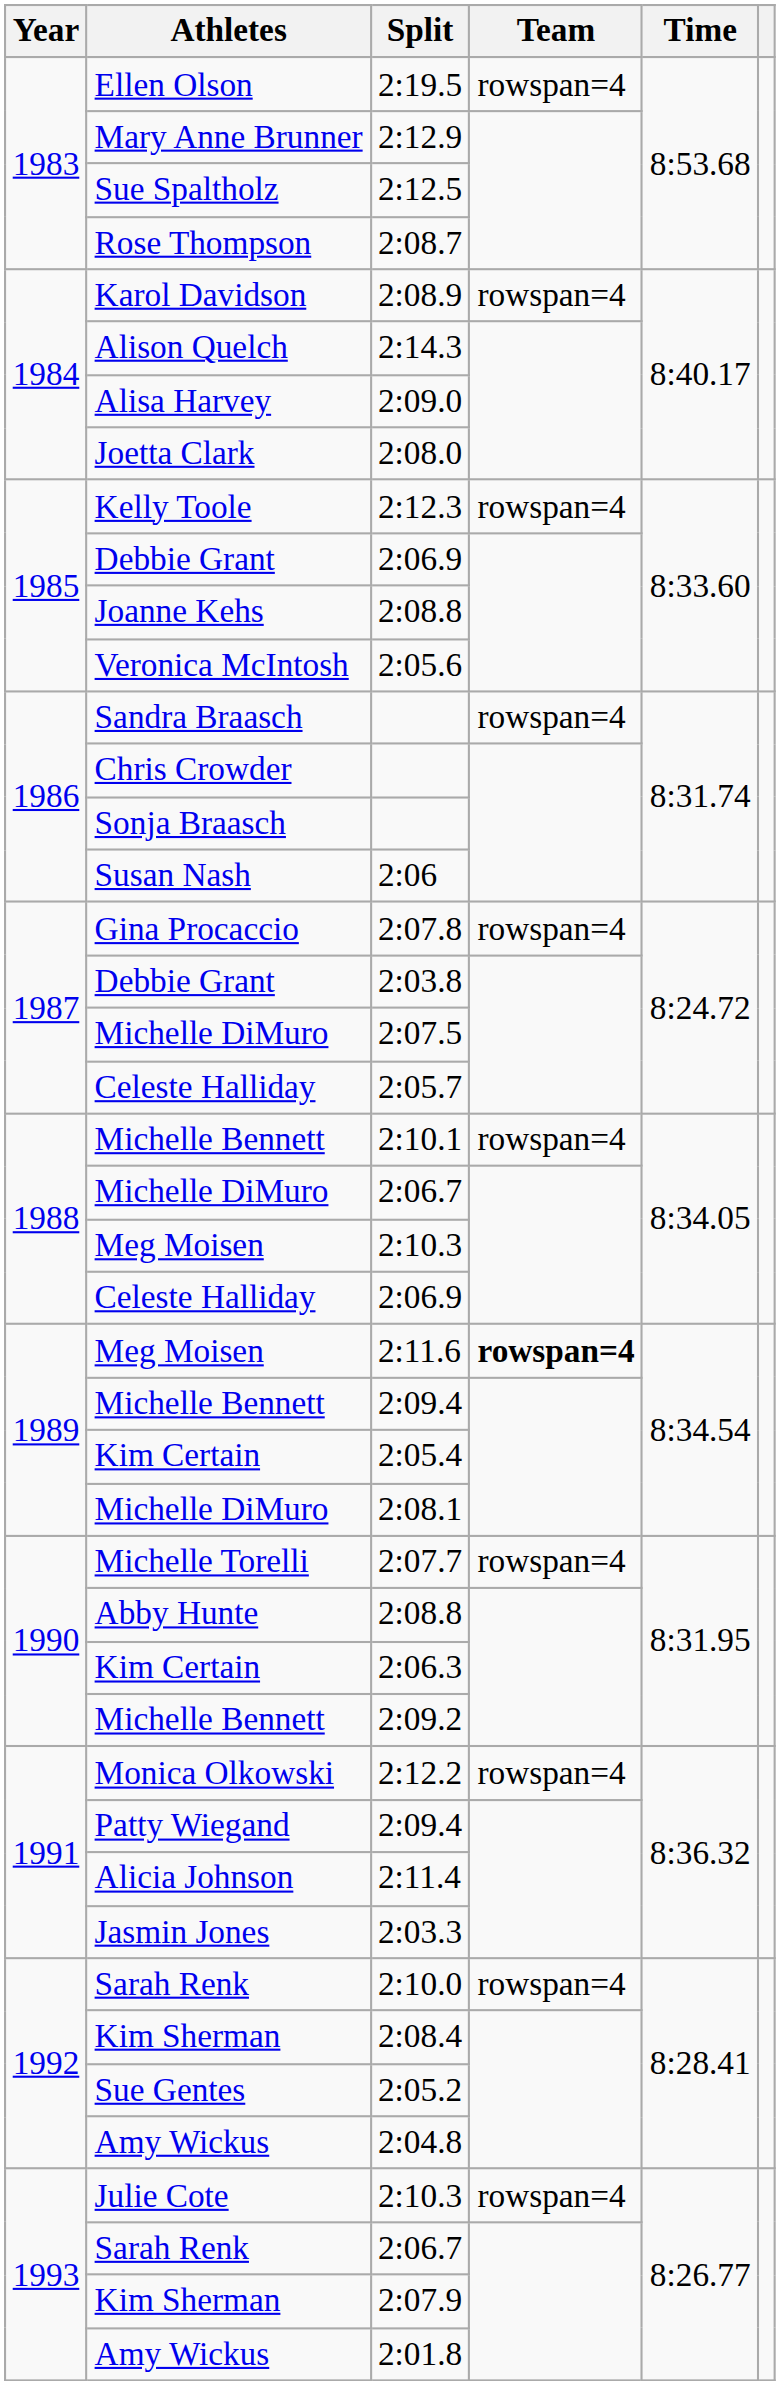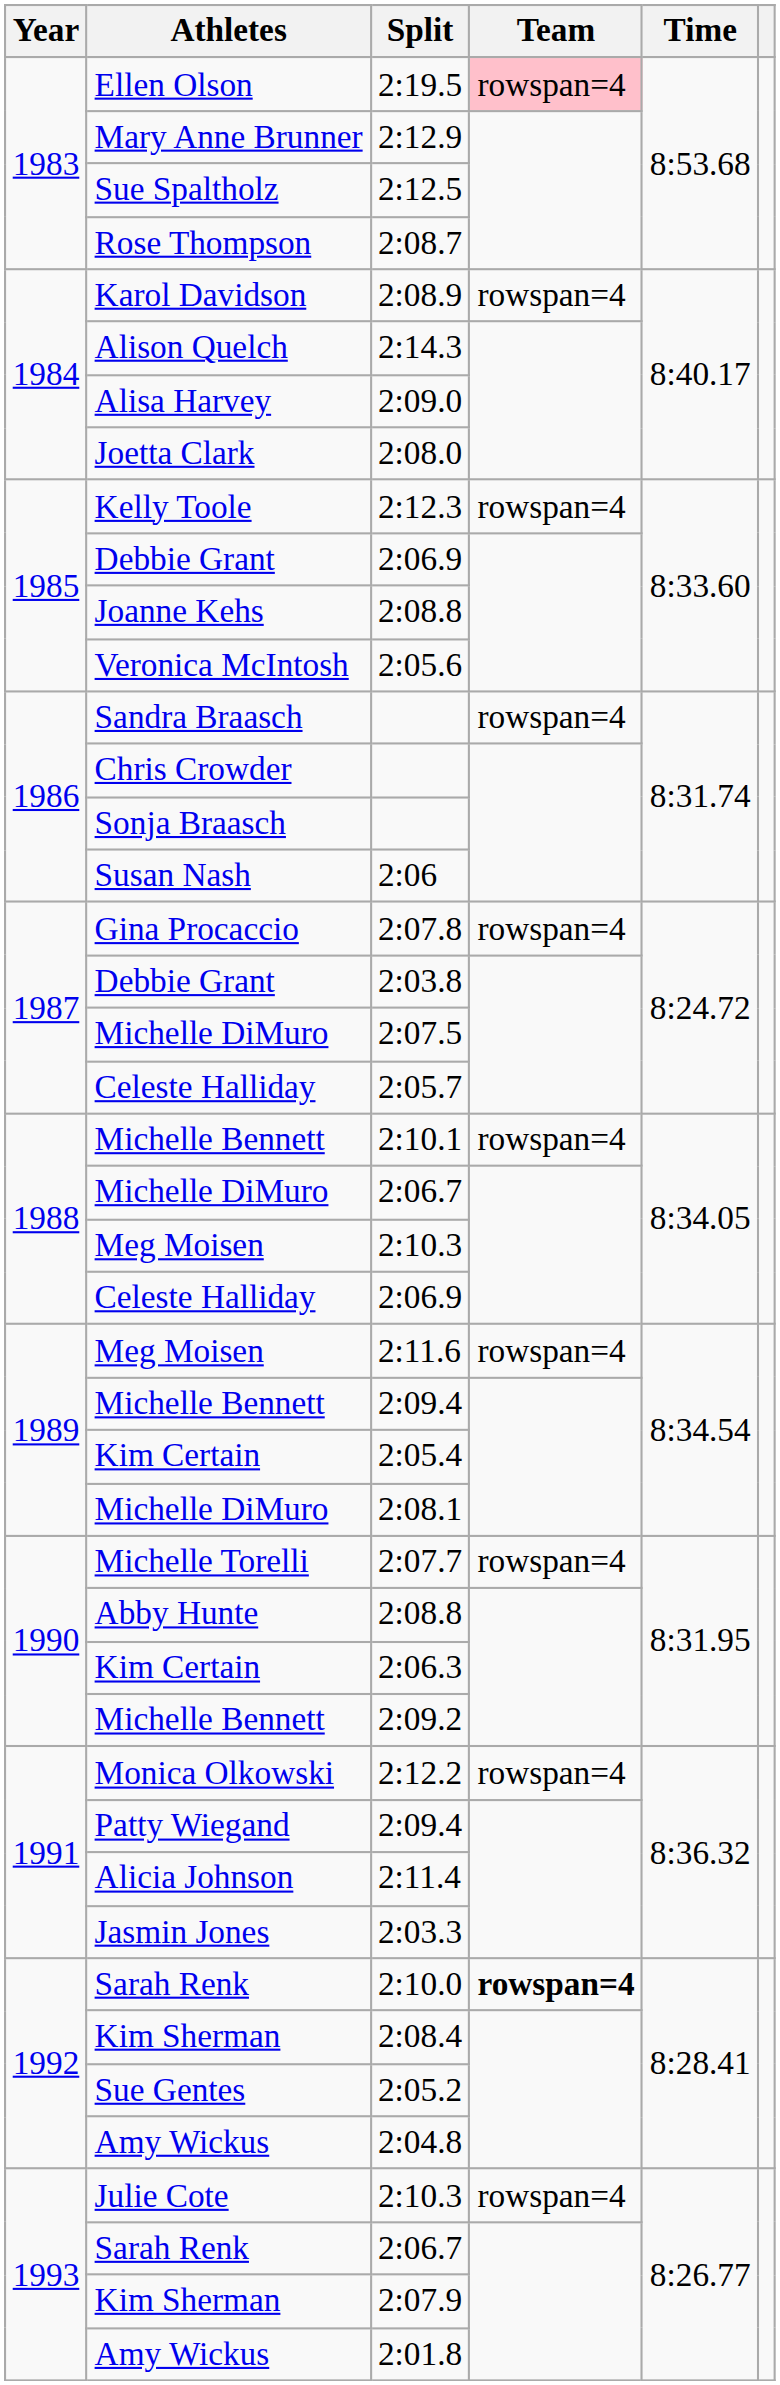 <table class="wikitable sortable">
 <tr>
 <th>Year</th>
 <th>Athletes</th>
 <th>Split</th>
 <th>Team</th>
 <th>Time</th>
 <th class=unsortable></th>
 </tr>
 <tr>
 <td rowspan=4><a href='#'>1983</a></td>
 <td><a href='#'>Ellen Olson</a></td>
 <td>2:19.5 </td>
-<td>rowspan=4 </td>
+<td style="background: pink;">rowspan=4 </td>
 <td rowspan=4>8:53.68 </td>
 <td rowspan=4></td>
 </tr>
 <tr>
 <td><a href='#'>Mary Anne Brunner</a></td>
 <td>2:12.9 </td>
 </tr>
 <tr>
 <td><a href='#'>Sue Spaltholz</a></td>
 <td>2:12.5 </td>
 </tr>
 <tr>
 <td><a href='#'>Rose Thompson</a></td>
 <td>2:08.7 </td>
 </tr>
 <tr>
 <td rowspan=4><a href='#'>1984</a></td>
 <td><a href='#'>Karol Davidson</a></td>
 <td>2:08.9</td>
 <td>rowspan=4 </td>
 <td rowspan=4>8:40.17</td>
 <td rowspan=4></td>
 </tr>
 <tr>
 <td><a href='#'>Alison Quelch</a></td>
 <td>2:14.3</td>
 </tr>
 <tr>
 <td><a href='#'>Alisa Harvey</a></td>
 <td>2:09.0</td>
 </tr>
 <tr>
 <td><a href='#'>Joetta Clark</a></td>
 <td>2:08.0</td>
 </tr>
 <tr>
 <td rowspan=4><a href='#'>1985</a></td>
 <td><a href='#'>Kelly Toole</a></td>
 <td>2:12.3</td>
 <td>rowspan=4 </td>
 <td rowspan=4>8:33.60</td>
 <td rowspan=4></td>
 </tr>
 <tr>
 <td><a href='#'>Debbie Grant</a></td>
 <td>2:06.9</td>
 </tr>
 <tr>
 <td><a href='#'>Joanne Kehs</a></td>
 <td>2:08.8</td>
 </tr>
 <tr>
 <td><a href='#'>Veronica McIntosh</a></td>
 <td>2:05.6</td>
 </tr>
 <tr>
 <td rowspan=4><a href='#'>1986</a></td>
 <td><a href='#'>Sandra Braasch</a></td>
 <td></td>
 <td>rowspan=4 </td>
 <td rowspan=4>8:31.74</td>
 <td rowspan=4></td>
 </tr>
 <tr>
 <td><a href='#'>Chris Crowder</a></td>
 <td></td>
 </tr>
 <tr>
 <td><a href='#'>Sonja Braasch</a></td>
 <td></td>
 </tr>
 <tr>
 <td><a href='#'>Susan Nash</a></td>
 <td>2:06</td>
 </tr>
 <tr>
 <td rowspan=4><a href='#'>1987</a></td>
 <td><a href='#'>Gina Procaccio</a></td>
 <td>2:07.8</td>
 <td>rowspan=4 </td>
 <td rowspan=4>8:24.72</td>
 <td rowspan=4><br></td>
 </tr>
 <tr>
 <td><a href='#'>Debbie Grant</a></td>
 <td>2:03.8</td>
 </tr>
 <tr>
 <td><a href='#'>Michelle DiMuro</a></td>
 <td>2:07.5</td>
 </tr>
 <tr>
 <td><a href='#'>Celeste Halliday</a></td>
 <td>2:05.7</td>
 </tr>
 <tr>
 <td rowspan=4><a href='#'>1988</a></td>
 <td><a href='#'>Michelle Bennett</a></td>
 <td>2:10.1</td>
 <td>rowspan=4 </td>
 <td rowspan=4>8:34.05</td>
 <td rowspan=4></td>
 </tr>
 <tr>
 <td><a href='#'>Michelle DiMuro</a></td>
 <td>2:06.7</td>
 </tr>
 <tr>
 <td><a href='#'>Meg Moisen</a></td>
 <td>2:10.3</td>
 </tr>
 <tr>
 <td><a href='#'>Celeste Halliday</a></td>
 <td>2:06.9</td>
 </tr>
 <tr>
 <td rowspan=4><a href='#'>1989</a></td>
 <td><a href='#'>Meg Moisen</a></td>
 <td>2:11.6</td>
-<td><strong>rowspan=4 </strong></td>
+<td>rowspan=4 </td>
 <td rowspan=4>8:34.54</td>
 <td rowspan=4></td>
 </tr>
 <tr>
 <td><a href='#'>Michelle Bennett</a></td>
 <td>2:09.4</td>
 </tr>
 <tr>
 <td><a href='#'>Kim Certain</a></td>
 <td>2:05.4</td>
 </tr>
 <tr>
 <td><a href='#'>Michelle DiMuro</a></td>
 <td>2:08.1</td>
 </tr>
 <tr>
 <td rowspan=4><a href='#'>1990</a></td>
 <td><a href='#'>Michelle Torelli</a></td>
 <td>2:07.7</td>
 <td>rowspan=4 </td>
 <td rowspan=4>8:31.95</td>
 <td rowspan=4></td>
 </tr>
 <tr>
 <td><a href='#'>Abby Hunte</a></td>
 <td>2:08.8</td>
 </tr>
 <tr>
 <td><a href='#'>Kim Certain</a></td>
 <td>2:06.3</td>
 </tr>
 <tr>
 <td><a href='#'>Michelle Bennett</a></td>
 <td>2:09.2</td>
 </tr>
 <tr>
 <td rowspan=4><a href='#'>1991</a></td>
 <td><a href='#'>Monica Olkowski</a></td>
 <td>2:12.2</td>
 <td>rowspan=4 </td>
 <td rowspan=4>8:36.32</td>
 <td rowspan=4><br></td>
 </tr>
 <tr>
 <td><a href='#'>Patty Wiegand</a></td>
 <td>2:09.4</td>
 </tr>
 <tr>
 <td><a href='#'>Alicia Johnson</a></td>
 <td>2:11.4</td>
 </tr>
 <tr>
 <td><a href='#'>Jasmin Jones</a></td>
 <td>2:03.3</td>
 </tr>
 <tr>
 <td rowspan=4><a href='#'>1992</a></td>
 <td><a href='#'>Sarah Renk</a></td>
 <td>2:10.0</td>
-<td>rowspan=4 </td>
+<td><strong>rowspan=4 </strong></td>
 <td rowspan=4>8:28.41</td>
 <td rowspan=4></td>
 </tr>
 <tr>
 <td><a href='#'>Kim Sherman</a></td>
 <td>2:08.4</td>
 </tr>
 <tr>
 <td><a href='#'>Sue Gentes</a></td>
 <td>2:05.2</td>
 </tr>
 <tr>
 <td><a href='#'>Amy Wickus</a></td>
 <td>2:04.8</td>
 </tr>
 <tr>
 <td rowspan=4><a href='#'>1993</a></td>
 <td><a href='#'>Julie Cote</a></td>
 <td>2:10.3</td>
 <td>rowspan=4 </td>
 <td rowspan=4>8:26.77</td>
 <td rowspan=4></td>
 </tr>
 <tr>
 <td><a href='#'>Sarah Renk</a></td>
 <td>2:06.7</td>
 </tr>
 <tr>
 <td><a href='#'>Kim Sherman</a></td>
 <td>2:07.9</td>
 </tr>
 <tr>
 <td><a href='#'>Amy Wickus</a></td>
 <td>2:01.8</td>
 </tr>
 </table>
